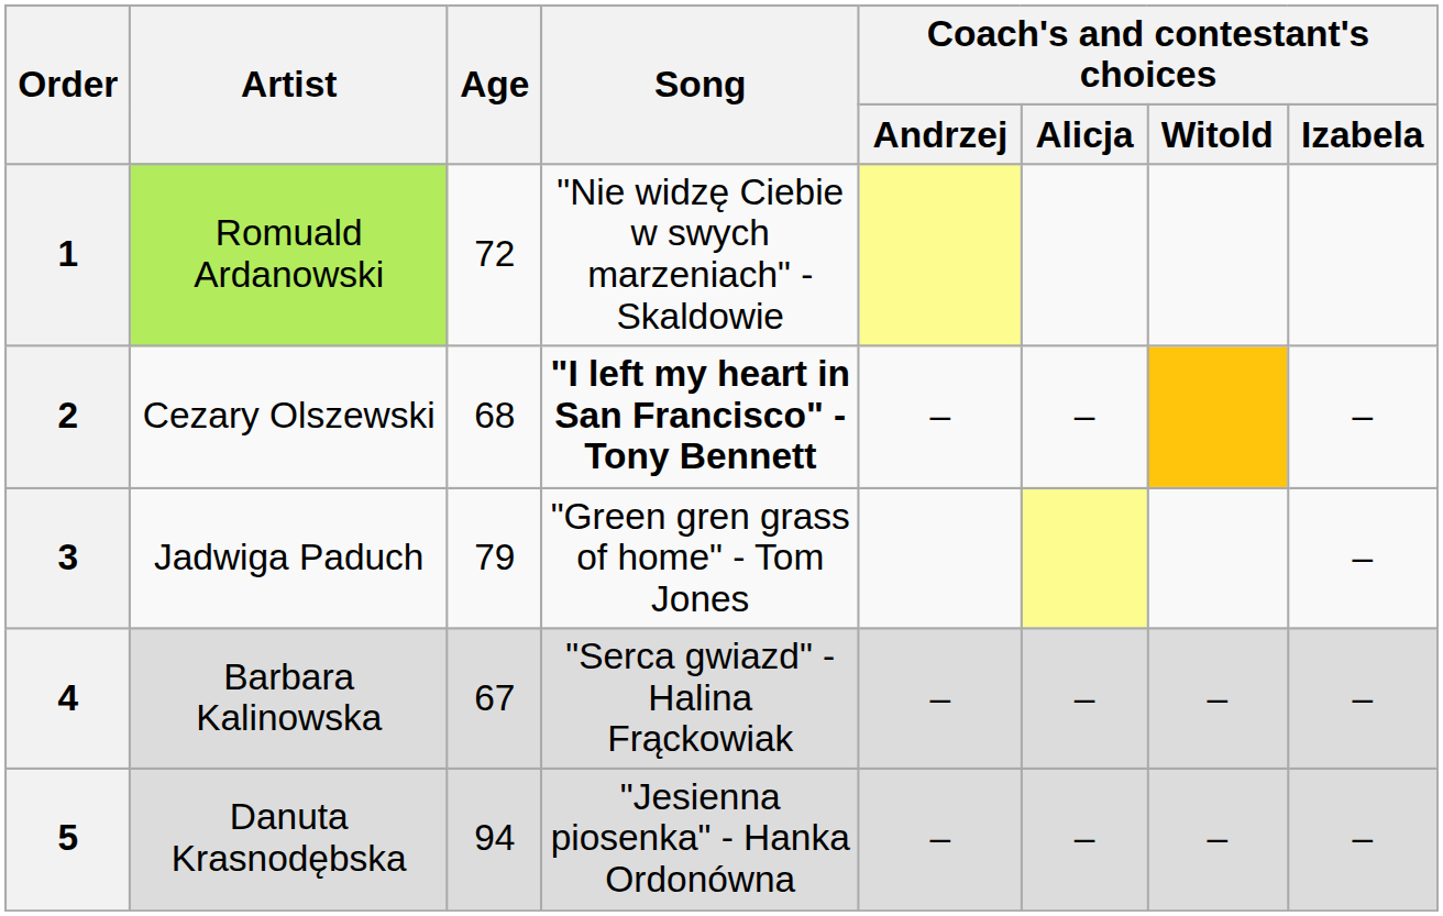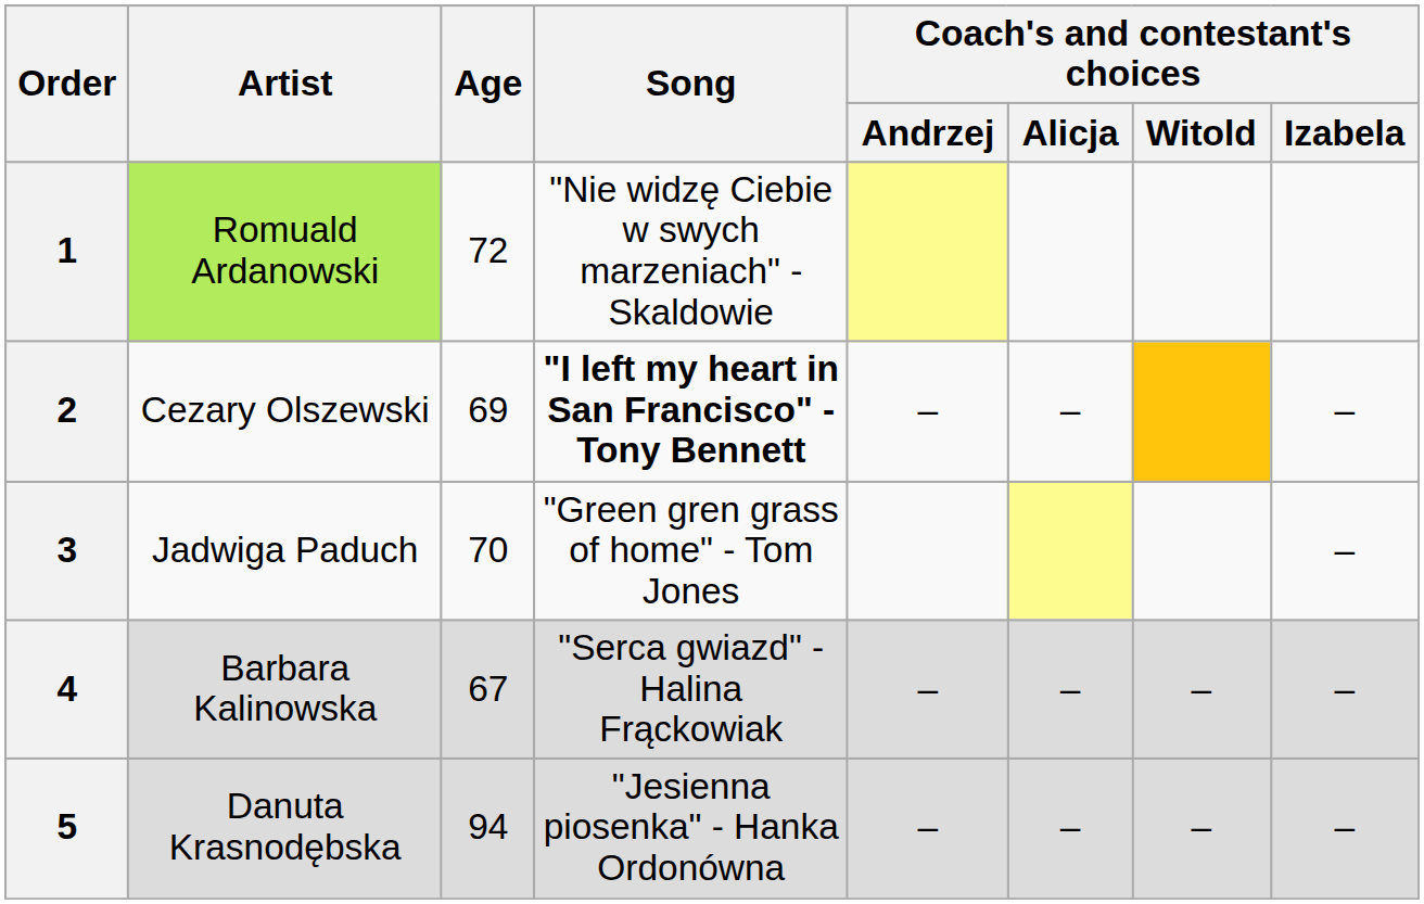 <table class="wikitable" style="text-align:center; width:100%;">
 <tr>
 <th scope="col" rowspan="2" style="width:05%;">Order</th>
 <th scope="col" rowspan="2" style="width:20%;">Artist</th>
 <th scope="col" rowspan="2" style="width:05%;">Age</th>
 <th scope="col" rowspan="2" style="width:20%;">Song</th>
 <th scope="col" colspan="4" style="width:32%;">Coach's and contestant's choices</th>
 </tr>
 <tr>
 <th style="width:07%;">Andrzej</th>
 <th style="width:07%;">Alicja</th>
 <th style="width:07%;">Witold</th>
 <th style="width:07%;">Izabela</th>
 </tr>
 <tr>
 <th>1</th>
 <td style="background:#B2EC5D;">Romuald Ardanowski</td>
 <td>72</td>
 <td>"Nie widzę Ciebie w swych marzeniach" - Skaldowie</td>
 <td style="background:#fdfc8f;"><strong></strong></td>
 <td><strong></strong></td>
 <td><strong></strong></td>
 <td><strong></strong></td>
 </tr>
 <tr>
 <th>2</th>
 <td>Cezary Olszewski</td>
-<td>68</td>
+<td>69</td>
 <td><strong>"I left my heart in San Francisco" - Tony Bennett</strong></td>
 <td>–</td>
 <td>–</td>
 <td style="background:#ffc40c;"><strong></strong></td>
 <td>–</td>
 </tr>
 <tr>
 <th>3</th>
 <td>Jadwiga Paduch</td>
-<td>79</td>
+<td>70</td>
 <td>"Green gren grass of home" - Tom Jones</td>
 <td><strong></strong></td>
 <td style="background:#fdfc8f;"><strong></strong></td>
 <td><strong></strong></td>
 <td>–</td>
 </tr>
 <tr>
 <th>4</th>
 <td style="background:#dcdcdc;">Barbara Kalinowska</td>
 <td style="background:#dcdcdc;">67</td>
 <td style="background:#dcdcdc;">"Serca gwiazd" - Halina Frąckowiak</td>
 <td style="background:#dcdcdc;">–</td>
 <td style="background:#dcdcdc;">–</td>
 <td style="background:#dcdcdc;">–</td>
 <td style="background:#dcdcdc;">–</td>
 </tr>
 <tr>
 <th>5</th>
 <td style="background:#dcdcdc;">Danuta Krasnodębska</td>
 <td style="background:#dcdcdc;">94</td>
 <td style="background:#dcdcdc;">"Jesienna piosenka" - Hanka Ordonówna</td>
 <td style="background:#dcdcdc;">–</td>
 <td style="background:#dcdcdc;">–</td>
 <td style="background:#dcdcdc;">–</td>
 <td style="background:#dcdcdc;">–</td>
 </tr>
 <tr>
 </tr>
 </table>
